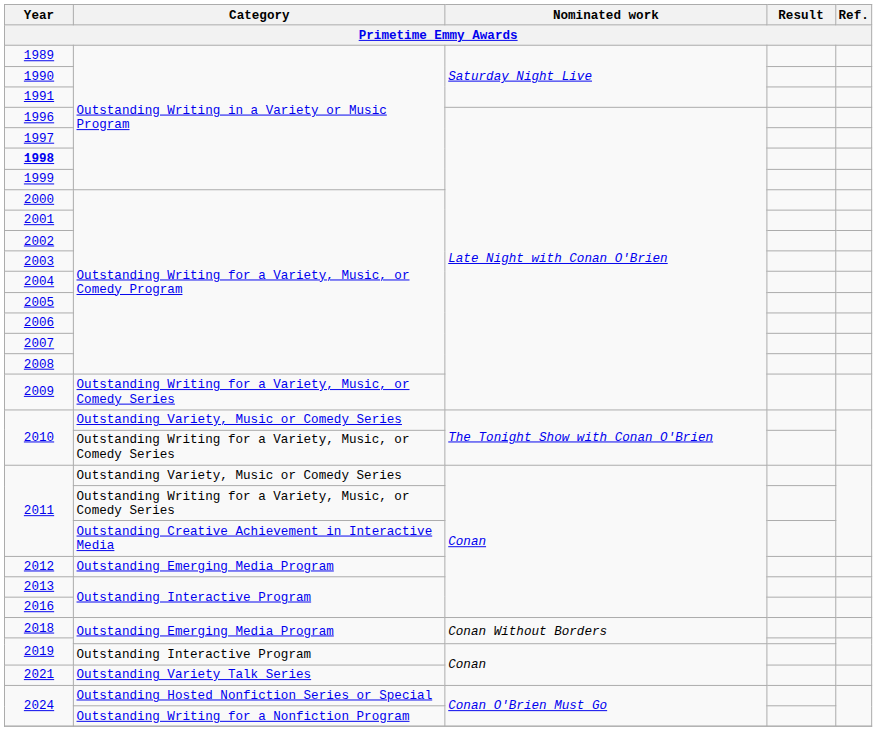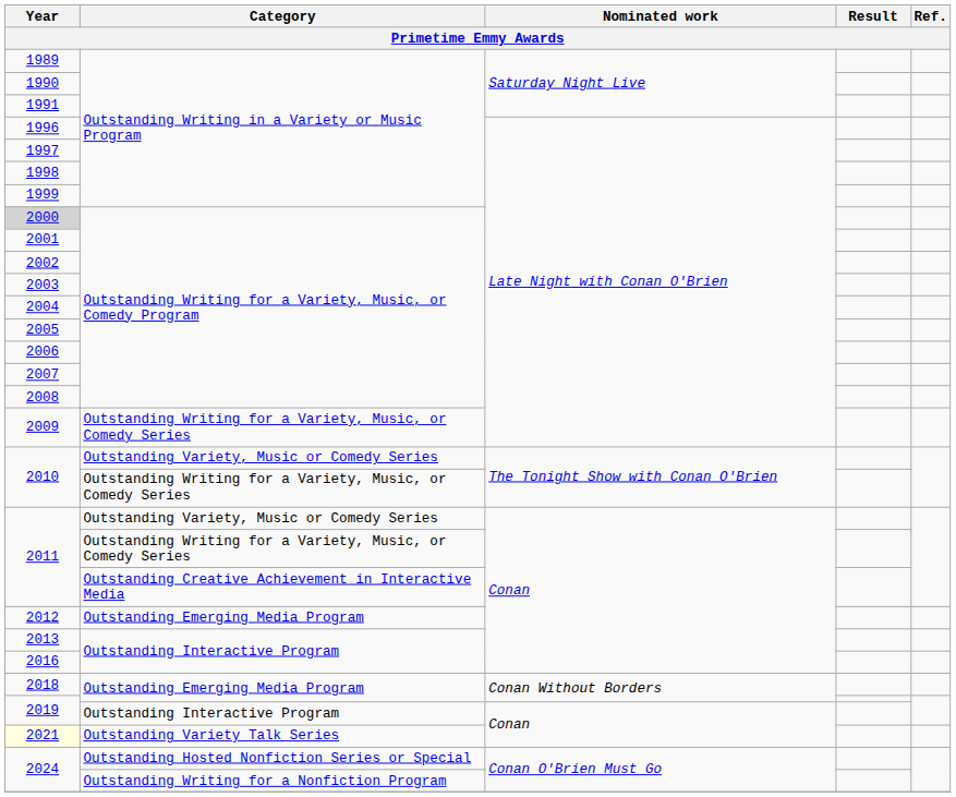 <table class=wikitable>
 <tr>
 <th scope="col" style="width:5em;">Year</th>
 <th scope="col" style="width:29em;">Category</th>
 <th scope="col" style="width:25em;">Nominated work</th>
 <th scope="col" style="width:5em;">Result</th>
 <th>Ref.</th>
 </tr>
 <tr>
 <th colspan=5><a href='#'>Primetime Emmy Awards</a></th>
 </tr>
 <tr>
 <td style="text-align:center;"><a href='#'>1989</a></td>
 <td rowspan="7"><a href='#'>Outstanding Writing in a Variety or Music Program</a></td>
 <td rowspan="3"><em><a href='#'>Saturday Night Live</a></em></td>
 <td></td>
 <td style="text-align:center;"></td>
 </tr>
 <tr>
 <td style="text-align:center;"><a href='#'>1990</a></td>
 <td></td>
 <td style="text-align:center;"></td>
 </tr>
 <tr>
 <td style="text-align:center;"><a href='#'>1991</a></td>
 <td></td>
 <td style="text-align:center;"></td>
 </tr>
 <tr>
 <td style="text-align:center;"><a href='#'>1996</a></td>
 <td rowspan="14"><em><a href='#'>Late Night with Conan O'Brien</a></em></td>
 <td></td>
 <td style="text-align:center;"></td>
 </tr>
 <tr>
 <td style="text-align:center;"><a href='#'>1997</a></td>
 <td></td>
 <td style="text-align:center;"></td>
 </tr>
 <tr>
-<td style="text-align:center;"><strong><a href='#'>1998</a></strong></td>
+<td style="text-align:center;"><a href='#'>1998</a></td>
 <td></td>
 <td style="text-align:center;"></td>
 </tr>
 <tr>
 <td style="text-align:center;"><a href='#'>1999</a></td>
 <td></td>
 <td style="text-align:center;"></td>
 </tr>
 <tr>
-<td style="text-align:center;"><a href='#'>2000</a></td>
+<td style="background: lightgrey; text-align:center;"><a href='#'>2000</a></td>
 <td rowspan="9"><a href='#'>Outstanding Writing for a Variety, Music, or Comedy Program</a></td>
 <td></td>
 <td style="text-align:center;"></td>
 </tr>
 <tr>
 <td style="text-align:center;"><a href='#'>2001</a></td>
 <td></td>
 <td style="text-align:center;"></td>
 </tr>
 <tr>
 <td style="text-align:center;"><a href='#'>2002</a></td>
 <td></td>
 <td style="text-align:center;"></td>
 </tr>
 <tr>
 <td style="text-align:center;"><a href='#'>2003</a></td>
 <td></td>
 <td style="text-align:center;"></td>
 </tr>
 <tr>
 <td style="text-align:center;"><a href='#'>2004</a></td>
 <td></td>
 <td style="text-align:center;"></td>
 </tr>
 <tr>
 <td style="text-align:center;"><a href='#'>2005</a></td>
 <td></td>
 <td style="text-align:center;"></td>
 </tr>
 <tr>
 <td style="text-align:center;"><a href='#'>2006</a></td>
 <td></td>
 <td style="text-align:center;"></td>
 </tr>
 <tr>
 <td style="text-align:center;"><a href='#'>2007</a></td>
 <td></td>
 <td style="text-align:center;"></td>
 </tr>
 <tr>
 <td style="text-align:center;"><a href='#'>2008</a></td>
 <td></td>
 <td style="text-align:center;"></td>
 </tr>
 <tr>
 <td style="text-align:center;"><a href='#'>2009</a></td>
 <td><a href='#'>Outstanding Writing for a Variety, Music, or Comedy Series</a></td>
 <td></td>
 <td style="text-align:center;"></td>
 </tr>
 <tr>
 <td style="text-align:center;" rowspan="2"><a href='#'>2010</a></td>
 <td><a href='#'>Outstanding Variety, Music or Comedy Series</a></td>
 <td rowspan="2"><em><a href='#'>The Tonight Show with Conan O'Brien</a></em></td>
 <td></td>
 <td style="text-align:center;", rowspan=2></td>
 </tr>
 <tr>
 <td>Outstanding Writing for a Variety, Music, or Comedy Series</td>
 <td></td>
 </tr>
 <tr>
 <td style="text-align:center;" rowspan="3"><a href='#'>2011</a></td>
 <td>Outstanding Variety, Music or Comedy Series</td>
 <td rowspan=6><em><a href='#'>Conan</a></em></td>
 <td></td>
 <td style="text-align:center;", rowspan=3></td>
 </tr>
 <tr>
 <td>Outstanding Writing for a Variety, Music, or Comedy Series</td>
 <td></td>
 </tr>
 <tr>
 <td><a href='#'>Outstanding Creative Achievement in Interactive Media</a></td>
 <td></td>
 </tr>
 <tr>
 <td style="text-align:center;"><a href='#'>2012</a></td>
 <td><a href='#'>Outstanding Emerging Media Program</a></td>
 <td></td>
 <td style="text-align:center;"></td>
 </tr>
 <tr>
 <td style="text-align:center;"><a href='#'>2013</a></td>
 <td rowspan="2"><a href='#'>Outstanding Interactive Program</a></td>
 <td></td>
 <td style="text-align:center;"></td>
 </tr>
 <tr>
 <td style="text-align:center;"><a href='#'>2016</a></td>
 <td></td>
 <td style="text-align:center;"></td>
 </tr>
 <tr>
 <td style="text-align:center;"><a href='#'>2018</a></td>
 <td rowspan="2"><a href='#'>Outstanding Emerging Media Program</a></td>
 <td rowspan="2"><em>Conan Without Borders</em></td>
 <td></td>
 <td style="text-align:center;"></td>
 </tr>
 <tr>
 <td style="text-align:center;" rowspan="2"><a href='#'>2019</a></td>
 <td></td>
 <td style="text-align:center;", rowspan=2></td>
 </tr>
 <tr>
 <td>Outstanding Interactive Program</td>
 <td rowspan="2"><em>Conan</em></td>
 <td></td>
 </tr>
 <tr>
-<td style="text-align:center;"><a href='#'>2021</a></td>
+<td style="background: lightyellow; text-align:center;"><a href='#'>2021</a></td>
 <td><a href='#'>Outstanding Variety Talk Series</a></td>
 <td></td>
 <td style="text-align:center;"></td>
 </tr>
 <tr>
 <td style="text-align:center;" rowspan="2"><a href='#'>2024</a></td>
 <td><a href='#'>Outstanding Hosted Nonfiction Series or Special</a></td>
 <td rowspan="2"><em><a href='#'>Conan O'Brien Must Go</a></em></td>
 <td></td>
 <td style="text-align:center;", rowspan=2></td>
 </tr>
 <tr>
 <td><a href='#'>Outstanding Writing for a Nonfiction Program</a></td>
 <td></td>
 </tr>
 <tr>
 </tr>
 </table>
